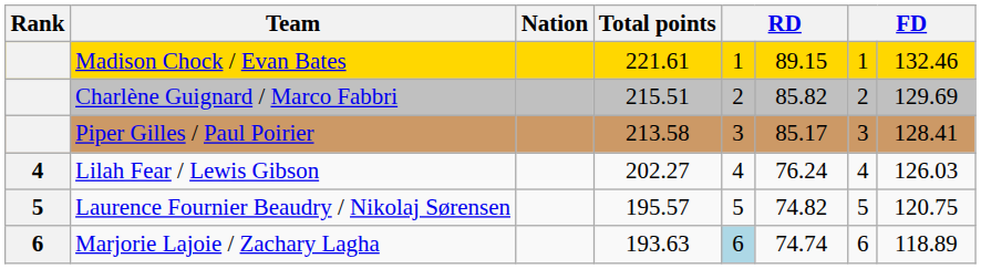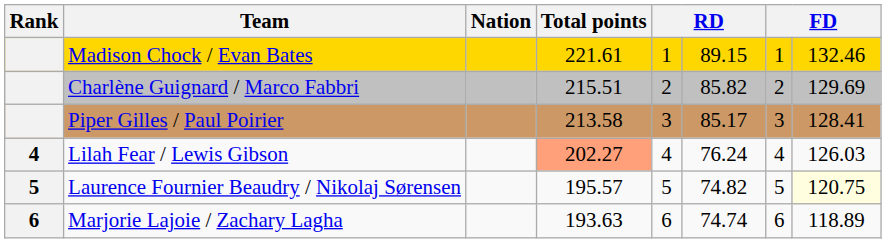 <table class="wikitable sortable" style="text-align:left">
 <tr>
 <th scope="col">Rank</th>
 <th scope="col">Team</th>
 <th scope="col">Nation</th>
 <th scope="col">Total points</th>
 <th scope="col" colspan="2" width="80px"><a href='#'>RD</a></th>
 <th scope="col" colspan="2" width="80px"><a href='#'>FD</a></th>
 </tr>
 <tr bgcolor="gold">
 <th scope="row"></th>
 <td><a href='#'>Madison Chock</a> / <a href='#'>Evan Bates</a></td>
 <td></td>
 <td align="center">221.61</td>
 <td align="center">1</td>
 <td align="center">89.15</td>
 <td align="center">1</td>
 <td align="center">132.46</td>
 </tr>
 <tr bgcolor="silver">
 <th scope="row"></th>
 <td><a href='#'>Charlène Guignard</a> / <a href='#'>Marco Fabbri</a></td>
 <td></td>
 <td align="center">215.51</td>
 <td align="center">2</td>
 <td align="center">85.82</td>
 <td align="center">2</td>
 <td align="center">129.69</td>
 </tr>
 <tr bgcolor="cc9966">
 <th scope="row"></th>
 <td><a href='#'>Piper Gilles</a> / <a href='#'>Paul Poirier</a></td>
 <td></td>
 <td align="center">213.58</td>
 <td align="center">3</td>
 <td align="center">85.17</td>
 <td align="center">3</td>
 <td align="center">128.41</td>
 </tr>
 <tr>
 <th scope="row">4</th>
 <td><a href='#'>Lilah Fear</a> / <a href='#'>Lewis Gibson</a></td>
 <td></td>
-<td align="center">202.27</td>
+<td align="center" style="background: lightsalmon;">202.27</td>
 <td align="center">4</td>
 <td align="center">76.24</td>
 <td align="center">4</td>
 <td align="center">126.03</td>
 </tr>
 <tr>
 <th scope="row">5</th>
 <td><a href='#'>Laurence Fournier Beaudry</a> / <a href='#'>Nikolaj Sørensen</a></td>
 <td></td>
 <td align="center">195.57</td>
 <td align="center">5</td>
 <td align="center">74.82</td>
 <td align="center">5</td>
-<td align="center">120.75</td>
+<td align="center" style="background: lightyellow;">120.75</td>
 </tr>
 <tr>
 <th scope="row">6</th>
 <td><a href='#'>Marjorie Lajoie</a> / <a href='#'>Zachary Lagha</a></td>
 <td></td>
 <td align="center">193.63</td>
-<td align="center" style="background: lightblue;">6</td>
+<td align="center">6</td>
 <td align="center">74.74</td>
 <td align="center">6</td>
 <td align="center">118.89</td>
 </tr>
 </table>
